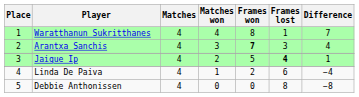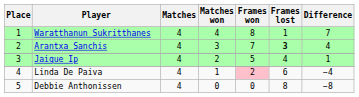 <table class="wikitable" style="text-align: center;">
 <tr>
 <th width=20>Place</th>
 <th width=200>Player</th>
 <th width=20>Matches</th>
 <th width=20>Matches won</th>
 <th width=20>Frames won</th>
 <th width=20>Frames lost</th>
 <th width=20>Difference</th>
 </tr>
 <tr style="background:#aaffaa;">
 <td>1</td>
 <td style="text-align:left;"> <a href='#'>Waratthanun Sukritthanes</a></td>
 <td>4</td>
 <td>4</td>
 <td>8</td>
 <td>1</td>
 <td>7</td>
 </tr>
 <tr style="background:#aaffaa;">
 <td>2</td>
 <td style="text-align:left;"> <a href='#'>Arantxa Sanchis</a></td>
 <td>4</td>
 <td>3</td>
-<td><strong>7</strong></td>
-<td>3</td>
+<td>7</td>
+<td><strong>3</strong></td>
 <td>4</td>
 </tr>
 <tr>
 </tr>
 <tr style="background:#aaffaa;">
 <td>3</td>
 <td style="text-align:left;"> <a href='#'>Jaique Ip</a></td>
 <td>4</td>
 <td>2</td>
 <td>5</td>
-<td><strong>4</strong></td>
+<td>4</td>
 <td>1</td>
 </tr>
 <tr>
 </tr>
 <tr>
 <td>4</td>
 <td style="text-align:left;"> Linda De Paiva</td>
 <td>4</td>
 <td>1</td>
-<td>2</td>
+<td style="background: pink;">2</td>
 <td>6</td>
 <td>−4</td>
 </tr>
 <tr>
 <td>5</td>
 <td style="text-align:left;"> Debbie Anthonissen</td>
 <td>4</td>
 <td>0</td>
 <td>0</td>
 <td>8</td>
 <td>−8</td>
 </tr>
 </table>
